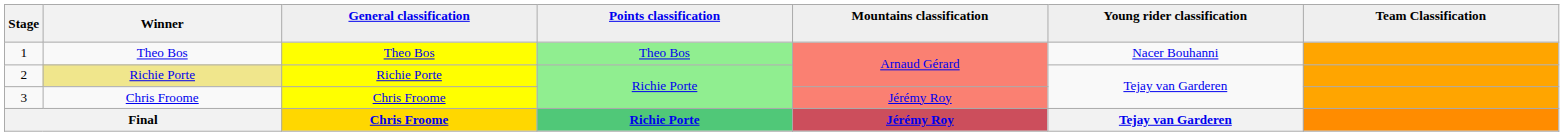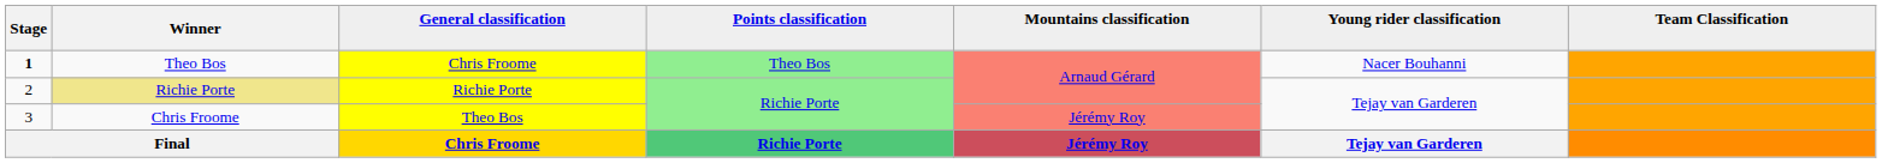 <table class="wikitable" style="text-align: center; font-size:smaller;">
 <tr style="background:#efefef;">
 <th style="width:1%;">Stage</th>
 <th style="width:14%;">Winner</th>
 <th style="background:#efefef; width:15%;"><a href='#'>General classification</a><br><br></th>
 <th style="background:#efefef; width:15%;"><a href='#'>Points classification</a><br><br></th>
 <th style="background:#efefef; width:15%;">Mountains classification<br><br></th>
 <th style="background:#efefef; width:15%;">Young rider classification<br><br></th>
 <th style="background:#efefef; width:15%;">Team Classification<br><br></th>
 </tr>
 <tr>
-<td>1</td>
+<td><strong>1</strong></td>
 <td><a href='#'>Theo Bos</a></td>
-<td style="background:yellow;"><a href='#'>Theo Bos</a></td>
+<td style="background:yellow;"><a href='#'>Chris Froome</a></td>
 <td style="background:lightgreen;"><a href='#'>Theo Bos</a></td>
 <td style="background:salmon;" rowspan="2"><a href='#'>Arnaud Gérard</a></td>
 <td style="background:offwhite;"><a href='#'>Nacer Bouhanni</a></td>
 <td style="background:orange;"></td>
 </tr>
 <tr>
 <td>2</td>
 <td style="background: khaki;"><a href='#'>Richie Porte</a></td>
 <td style="background:yellow;"><a href='#'>Richie Porte</a></td>
 <td style="background:lightgreen;" rowspan="2"><a href='#'>Richie Porte</a></td>
 <td style="background:offwhite;" rowspan="2"><a href='#'>Tejay van Garderen</a></td>
 <td style="background:orange;"></td>
 </tr>
 <tr>
 <td>3</td>
 <td><a href='#'>Chris Froome</a></td>
-<td style="background:yellow;"><a href='#'>Chris Froome</a></td>
+<td style="background:yellow;"><a href='#'>Theo Bos</a></td>
 <td style="background:salmon;"><a href='#'>Jérémy Roy</a></td>
 <td style="background:orange;"></td>
 </tr>
 <tr>
 <th colspan=2><strong>Final</strong></th>
 <th style="background:gold;"><a href='#'>Chris Froome</a></th>
 <th style="background:#50C878;"><a href='#'>Richie Porte</a></th>
 <th style="background:#CC4E5C;"><a href='#'>Jérémy Roy</a></th>
 <th style="background:offwhite;"><a href='#'>Tejay van Garderen</a></th>
 <th style="background:#FF8C00;"></th>
 </tr>
 </table>
